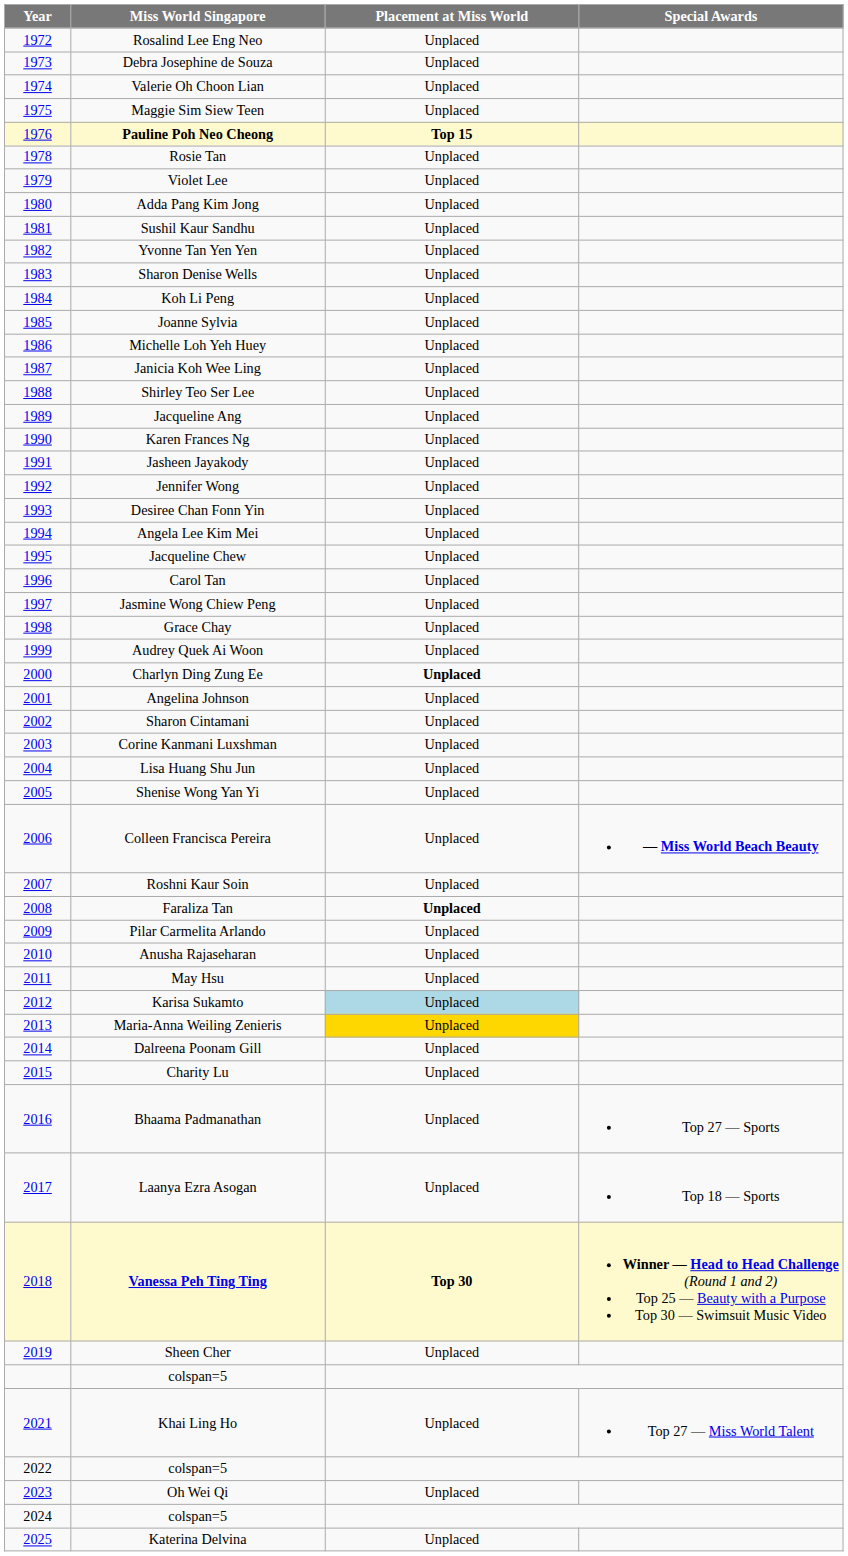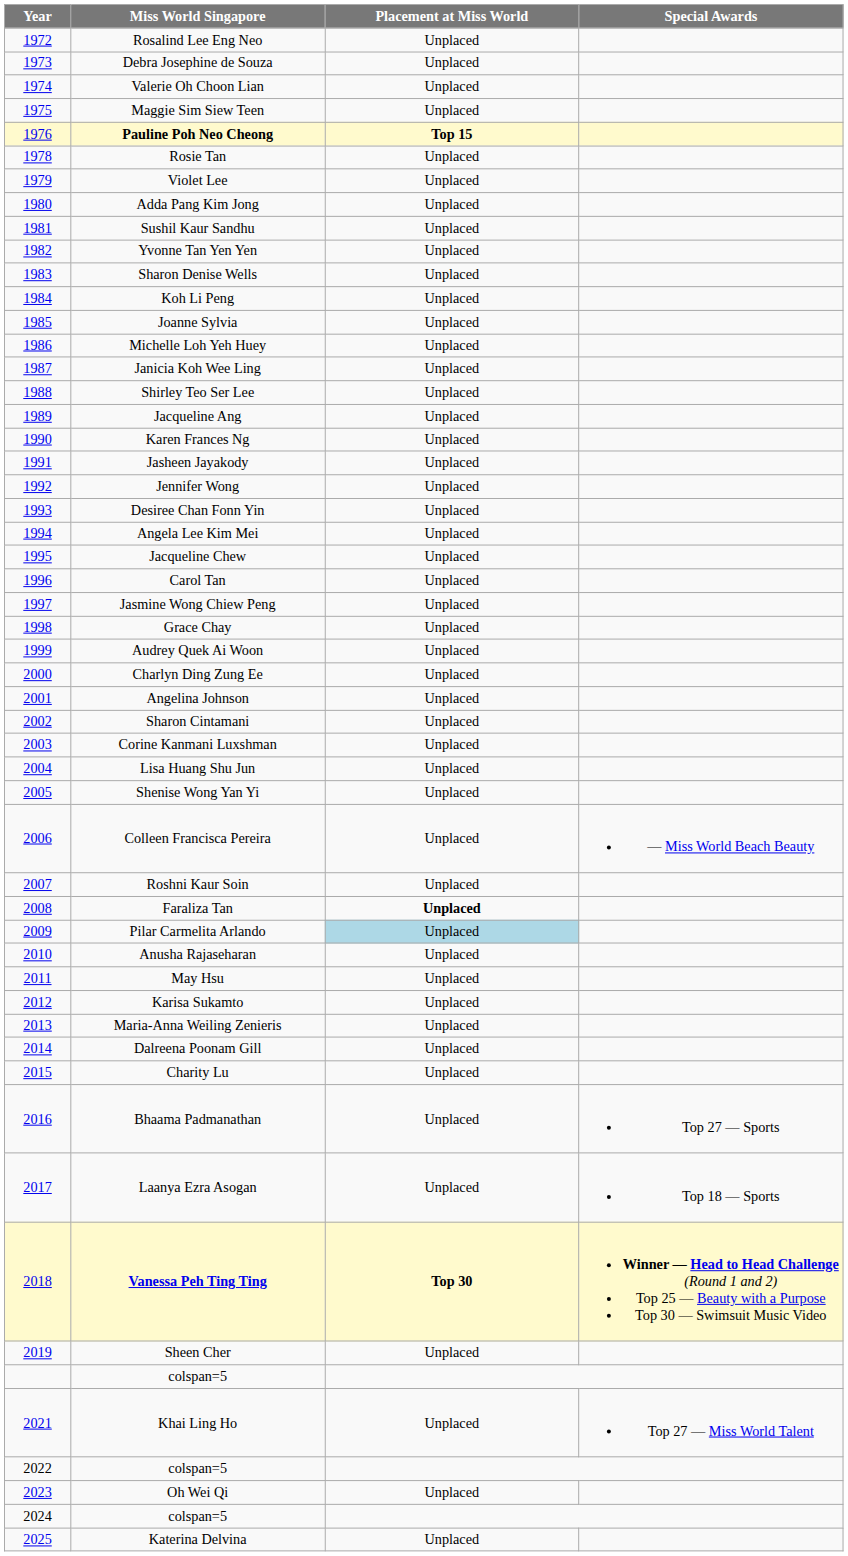 <table class="wikitable" style="font-size: 90%; text-align:center">
 <tr>
 <th width="60" style="background-color:#787878;color:#FFFFFF;">Year</th>
 <th width="250" style="background-color:#787878;color:#FFFFFF;">Miss World Singapore</th>
 <th width="250" style="background-color:#787878;color:#FFFFFF;">Placement at Miss World</th>
 <th width="260" style="background-color:#787878;color:#FFFFFF;">Special Awards</th>
 </tr>
 <tr>
 <td><a href='#'>1972</a></td>
 <td>Rosalind Lee Eng Neo</td>
 <td>Unplaced</td>
 <td></td>
 </tr>
 <tr>
 <td><a href='#'>1973</a></td>
 <td>Debra Josephine de Souza</td>
 <td>Unplaced</td>
 <td></td>
 </tr>
 <tr>
 <td><a href='#'>1974</a></td>
 <td>Valerie Oh Choon Lian</td>
 <td>Unplaced</td>
 <td></td>
 </tr>
 <tr>
 <td><a href='#'>1975</a></td>
 <td>Maggie Sim Siew Teen</td>
 <td>Unplaced</td>
 <td></td>
 </tr>
 <tr style="background-color:#FFFACD;">
 <td><a href='#'>1976</a></td>
 <td><strong>Pauline Poh Neo Cheong</strong></td>
 <td><strong>Top 15</strong></td>
 <td></td>
 </tr>
 <tr>
 <td><a href='#'>1978</a></td>
 <td>Rosie Tan</td>
 <td>Unplaced</td>
 <td></td>
 </tr>
 <tr>
 <td><a href='#'>1979</a></td>
 <td>Violet Lee</td>
 <td>Unplaced</td>
 <td></td>
 </tr>
 <tr>
 <td><a href='#'>1980</a></td>
 <td>Adda Pang Kim Jong</td>
 <td>Unplaced</td>
 <td></td>
 </tr>
 <tr>
 <td><a href='#'>1981</a></td>
 <td>Sushil Kaur Sandhu</td>
 <td>Unplaced</td>
 <td></td>
 </tr>
 <tr>
 <td><a href='#'>1982</a></td>
 <td>Yvonne Tan Yen Yen</td>
 <td>Unplaced</td>
 <td></td>
 </tr>
 <tr>
 <td><a href='#'>1983</a></td>
 <td>Sharon Denise Wells</td>
 <td>Unplaced</td>
 <td></td>
 </tr>
 <tr>
 <td><a href='#'>1984</a></td>
 <td>Koh Li Peng</td>
 <td>Unplaced</td>
 <td></td>
 </tr>
 <tr>
 <td><a href='#'>1985</a></td>
 <td>Joanne Sylvia</td>
 <td>Unplaced</td>
 <td></td>
 </tr>
 <tr>
 <td><a href='#'>1986</a></td>
 <td>Michelle Loh Yeh Huey</td>
 <td>Unplaced</td>
 <td></td>
 </tr>
 <tr>
 <td><a href='#'>1987</a></td>
 <td>Janicia Koh Wee Ling</td>
 <td>Unplaced</td>
 <td></td>
 </tr>
 <tr>
 <td><a href='#'>1988</a></td>
 <td>Shirley Teo Ser Lee</td>
 <td>Unplaced</td>
 <td></td>
 </tr>
 <tr>
 <td><a href='#'>1989</a></td>
 <td>Jacqueline Ang</td>
 <td>Unplaced</td>
 <td></td>
 </tr>
 <tr>
 <td><a href='#'>1990</a></td>
 <td>Karen Frances Ng</td>
 <td>Unplaced</td>
 <td></td>
 </tr>
 <tr>
 <td><a href='#'>1991</a></td>
 <td>Jasheen Jayakody</td>
 <td>Unplaced</td>
 <td></td>
 </tr>
 <tr>
 <td><a href='#'>1992</a></td>
 <td>Jennifer Wong</td>
 <td>Unplaced</td>
 <td></td>
 </tr>
 <tr>
 <td><a href='#'>1993</a></td>
 <td>Desiree Chan Fonn Yin</td>
 <td>Unplaced</td>
 <td></td>
 </tr>
 <tr>
 <td><a href='#'>1994</a></td>
 <td>Angela Lee Kim Mei</td>
 <td>Unplaced</td>
 <td></td>
 </tr>
 <tr>
 <td><a href='#'>1995</a></td>
 <td>Jacqueline Chew</td>
 <td>Unplaced</td>
 <td></td>
 </tr>
 <tr>
 <td><a href='#'>1996</a></td>
 <td>Carol Tan</td>
 <td>Unplaced</td>
 <td></td>
 </tr>
 <tr>
 <td><a href='#'>1997</a></td>
 <td>Jasmine Wong Chiew Peng</td>
 <td>Unplaced</td>
 <td></td>
 </tr>
 <tr>
 <td><a href='#'>1998</a></td>
 <td>Grace Chay</td>
 <td>Unplaced</td>
 <td></td>
 </tr>
 <tr>
 <td><a href='#'>1999</a></td>
 <td>Audrey Quek Ai Woon</td>
 <td>Unplaced</td>
 <td></td>
 </tr>
 <tr>
 <td><a href='#'>2000</a></td>
 <td>Charlyn Ding Zung Ee</td>
-<td><strong>Unplaced</strong></td>
+<td>Unplaced</td>
 <td></td>
 </tr>
 <tr>
 <td><a href='#'>2001</a></td>
 <td>Angelina Johnson</td>
 <td>Unplaced</td>
 <td></td>
 </tr>
 <tr>
 <td><a href='#'>2002</a></td>
 <td>Sharon Cintamani</td>
 <td>Unplaced</td>
 <td></td>
 </tr>
 <tr>
 <td><a href='#'>2003</a></td>
 <td>Corine Kanmani Luxshman</td>
 <td>Unplaced</td>
 <td></td>
 </tr>
 <tr>
 <td><a href='#'>2004</a></td>
 <td>Lisa Huang Shu Jun</td>
 <td>Unplaced</td>
 <td></td>
 </tr>
 <tr>
 <td><a href='#'>2005</a></td>
 <td>Shenise Wong Yan Yi</td>
 <td>Unplaced</td>
 <td></td>
 </tr>
 <tr>
 <td><a href='#'>2006</a></td>
 <td>Colleen Francisca Pereira</td>
 <td>Unplaced</td>
-<td><strong><br><ul><li> — <a href='#'>Miss World Beach Beauty</a></li></ul></strong></td>
+<td><br><ul><li> — <a href='#'>Miss World Beach Beauty</a></li></ul></td>
 </tr>
 <tr>
 <td><a href='#'>2007</a></td>
 <td>Roshni Kaur Soin</td>
 <td>Unplaced</td>
 <td></td>
 </tr>
 <tr>
 <td><a href='#'>2008</a></td>
 <td>Faraliza Tan</td>
 <td><strong>Unplaced</strong></td>
 <td></td>
 </tr>
 <tr>
 <td><a href='#'>2009</a></td>
 <td>Pilar Carmelita Arlando</td>
-<td>Unplaced</td>
+<td style="background: lightblue;">Unplaced</td>
 <td></td>
 </tr>
 <tr>
 <td><a href='#'>2010</a></td>
 <td>Anusha Rajaseharan</td>
 <td>Unplaced</td>
 <td></td>
 </tr>
 <tr>
 <td><a href='#'>2011</a></td>
 <td>May Hsu</td>
 <td>Unplaced</td>
 <td></td>
 </tr>
 <tr>
 <td><a href='#'>2012</a></td>
 <td>Karisa Sukamto</td>
-<td style="background: lightblue;">Unplaced</td>
+<td>Unplaced</td>
 <td></td>
 </tr>
 <tr>
 <td><a href='#'>2013</a></td>
 <td>Maria-Anna Weiling Zenieris</td>
-<td style="background: gold;">Unplaced</td>
+<td>Unplaced</td>
 <td></td>
 </tr>
 <tr>
 <td><a href='#'>2014</a></td>
 <td>Dalreena Poonam Gill</td>
 <td>Unplaced</td>
 <td></td>
 </tr>
 <tr>
 <td><a href='#'>2015</a></td>
 <td>Charity Lu</td>
 <td>Unplaced</td>
 <td></td>
 </tr>
 <tr>
 <td><a href='#'>2016</a></td>
 <td>Bhaama Padmanathan</td>
 <td>Unplaced</td>
 <td><br><ul><li>Top 27 — Sports</li></ul></td>
 </tr>
 <tr>
 <td><a href='#'>2017</a></td>
 <td>Laanya Ezra Asogan</td>
 <td>Unplaced</td>
 <td><br><ul><li>Top 18 — Sports</li></ul></td>
 </tr>
 <tr style="background-color:#FFFACD;">
 <td><a href='#'>2018</a></td>
 <td><strong><a href='#'>Vanessa Peh Ting Ting</a></strong></td>
 <td><strong>Top 30</strong></td>
 <td><br><ul><li><strong>Winner — <a href='#'>Head to Head Challenge</a></strong> <em>(Round 1 and 2)</em></li><li>Top 25 — <a href='#'>Beauty with a Purpose</a></li><li>Top 30 — Swimsuit Music Video</li></ul></td>
 </tr>
 <tr>
 <td><a href='#'>2019</a></td>
 <td>Sheen Cher</td>
 <td>Unplaced</td>
 <td></td>
 </tr>
 <tr>
 <td></td>
 <td>colspan=5 </td>
 </tr>
 <tr>
 <td><a href='#'>2021</a></td>
 <td>Khai Ling Ho</td>
 <td>Unplaced</td>
 <td><br><ul><li>Top 27 — <a href='#'>Miss World Talent</a></li></ul></td>
 </tr>
 <tr>
 <td>2022</td>
 <td>colspan=5 </td>
 </tr>
 <tr>
 <td><a href='#'>2023</a></td>
 <td>Oh Wei Qi</td>
 <td>Unplaced</td>
 <td></td>
 </tr>
 <tr>
 <td>2024</td>
 <td>colspan=5 </td>
 </tr>
 <tr>
 <td><a href='#'>2025</a></td>
 <td>Katerina Delvina</td>
 <td>Unplaced</td>
 <td></td>
 </tr>
 </table>
